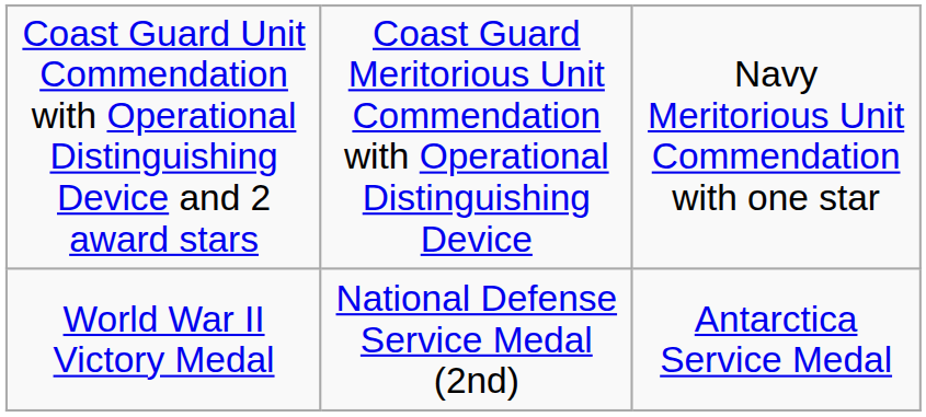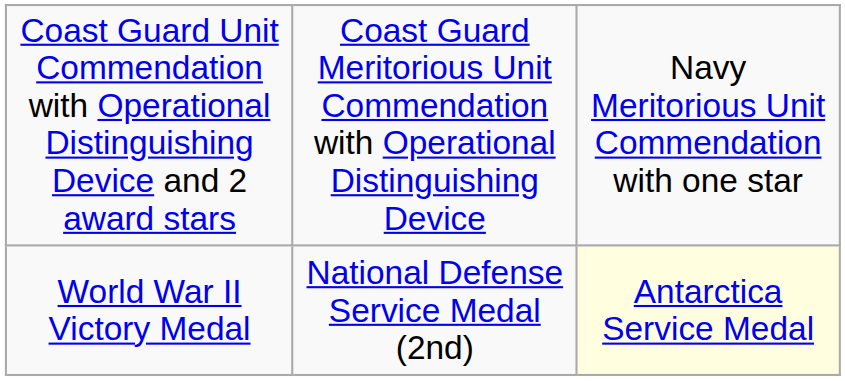 <table class="wikitable" style="margin:1em auto; text-align:center;" width=400>
 <tr>
 <td><a href='#'>Coast Guard Unit Commendation</a> with <a href='#'>Operational Distinguishing Device</a> and 2 <a href='#'>award stars</a></td>
 <td><a href='#'>Coast Guard Meritorious Unit Commendation</a> with <a href='#'>Operational Distinguishing Device</a></td>
 <td>Navy <a href='#'>Meritorious Unit Commendation</a> with one star</td>
 </tr>
 <tr>
 <td><a href='#'>World War II Victory Medal</a></td>
 <td><a href='#'>National Defense Service Medal</a> (2nd)</td>
-<td><a href='#'>Antarctica Service Medal</a></td>
+<td style="background: lightyellow;"><a href='#'>Antarctica Service Medal</a></td>
 </tr>
 </table>
